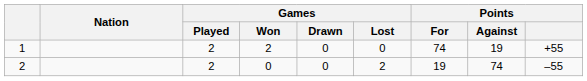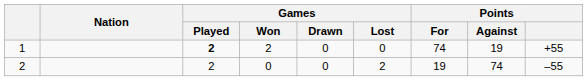 <table class="wikitable">
 <tr>
 <th rowspan="2" style="width:5%;"></th>
 <th rowspan="2" style="width:20%;">Nation</th>
 <th colspan="4" style="width:30%;">Games</th>
 <th colspan="3" style="width:18%;">Points</th>
 </tr>
 <tr>
 <th style="width:8%;">Played</th>
 <th style="width:8%;">Won</th>
 <th style="width:8%;">Drawn</th>
 <th style="width:8%;">Lost</th>
 <th style="width:8%;">For</th>
 <th style="width:8%;">Against</th>
 <th style="width:8%;"></th>
 </tr>
 <tr align="center">
 <td>1</td>
 <td align="left"></td>
-<td>2</td>
+<td><strong>2</strong></td>
 <td>2</td>
 <td>0</td>
 <td>0</td>
 <td>74</td>
 <td>19</td>
 <td>+55</td>
 </tr>
 <tr align="center">
 <td>2</td>
 <td align="left"></td>
 <td>2</td>
 <td>0</td>
 <td>0</td>
 <td>2</td>
 <td>19</td>
 <td>74</td>
 <td>–55</td>
 </tr>
 </table>
